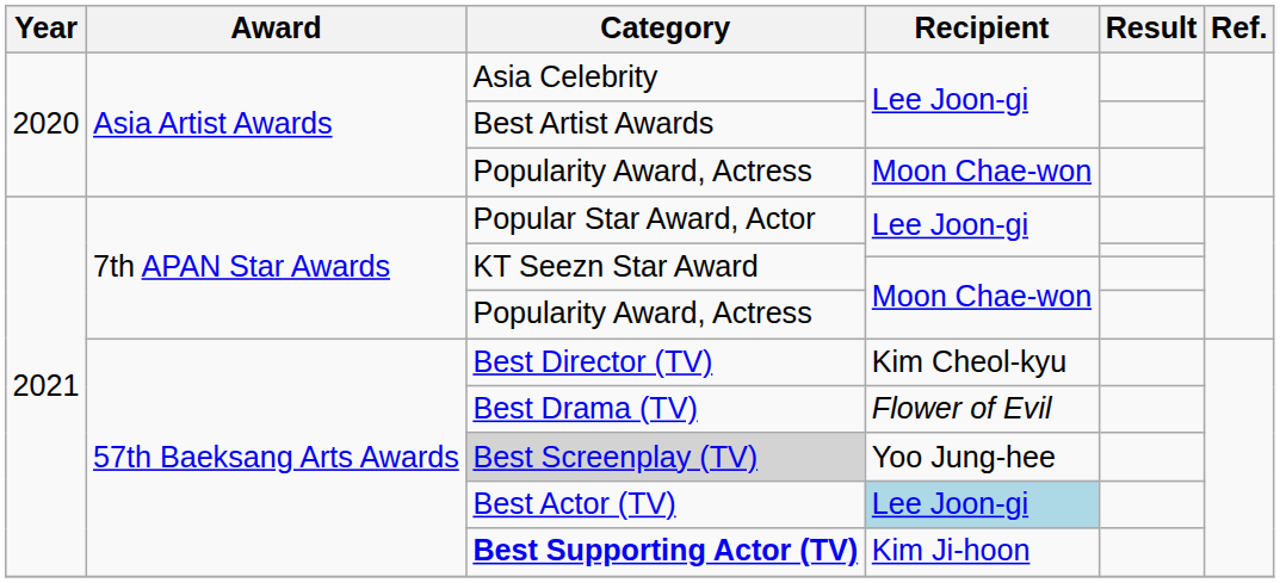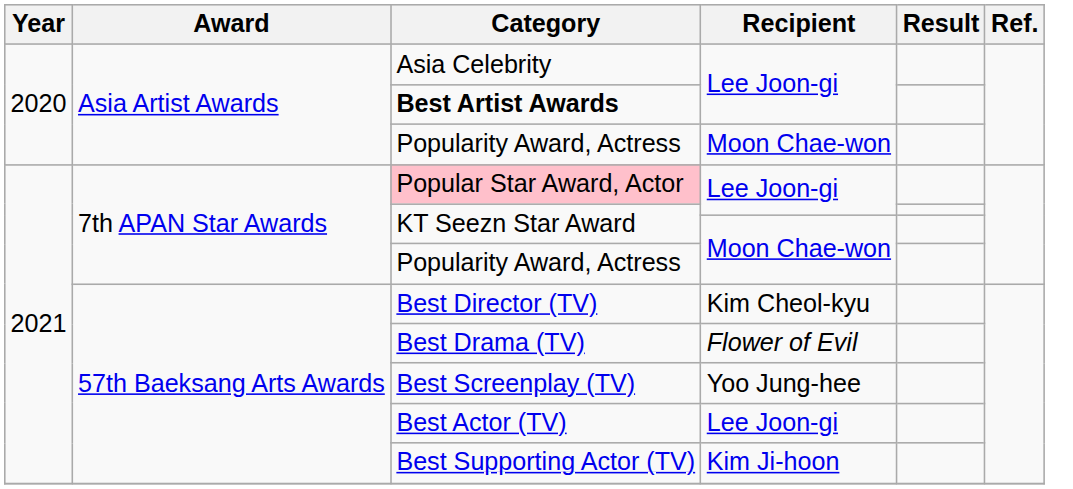 <table class="wikitable">
 <tr>
 <th>Year</th>
 <th>Award</th>
 <th>Category</th>
 <th>Recipient</th>
 <th>Result</th>
 <th>Ref.</th>
 </tr>
 <tr>
 <td rowspan="3">2020</td>
 <td rowspan="3"><a href='#'>Asia Artist Awards</a></td>
 <td>Asia Celebrity</td>
 <td rowspan="2"><a href='#'>Lee Joon-gi</a></td>
 <td></td>
 <td rowspan=3></td>
 </tr>
 <tr>
-<td>Best Artist Awards</td>
+<td><strong>Best Artist Awards</strong></td>
 <td></td>
 </tr>
 <tr>
 <td>Popularity Award, Actress</td>
 <td><a href='#'>Moon Chae-won</a></td>
 <td></td>
 </tr>
 <tr>
 <td rowspan="9">2021</td>
 <td rowspan="4">7th <a href='#'>APAN Star Awards</a></td>
-<td>Popular Star Award, Actor</td>
+<td style="background: pink;">Popular Star Award, Actor</td>
 <td rowspan="2"><a href='#'>Lee Joon-gi</a></td>
 <td></td>
 <td rowspan=4></td>
 </tr>
 <tr>
 <td rowspan="2">KT Seezn Star Award</td>
 <td></td>
 </tr>
 <tr>
 <td rowspan="2"><a href='#'>Moon Chae-won</a></td>
 <td></td>
 </tr>
 <tr>
 <td>Popularity Award, Actress</td>
 <td></td>
 </tr>
 <tr>
 <td rowspan="5"><a href='#'>57th Baeksang Arts Awards</a></td>
 <td><a href='#'>Best Director (TV)</a></td>
 <td>Kim Cheol-kyu</td>
 <td></td>
 <td rowspan="5"></td>
 </tr>
 <tr>
 <td><a href='#'>Best Drama (TV)</a></td>
 <td><em>Flower of Evil</em></td>
 <td></td>
 </tr>
 <tr>
-<td style="background: lightgrey;"><a href='#'>Best Screenplay (TV)</a></td>
+<td><a href='#'>Best Screenplay (TV)</a></td>
 <td>Yoo Jung-hee</td>
 <td></td>
 </tr>
 <tr>
 <td><a href='#'>Best Actor (TV)</a></td>
-<td style="background: lightblue;"><a href='#'>Lee Joon-gi</a></td>
+<td><a href='#'>Lee Joon-gi</a></td>
 <td></td>
 </tr>
 <tr>
-<td><strong><a href='#'>Best Supporting Actor (TV)</a></strong></td>
+<td><a href='#'>Best Supporting Actor (TV)</a></td>
 <td><a href='#'>Kim Ji-hoon</a></td>
 <td></td>
 </tr>
 <tr>
 </tr>
 </table>
